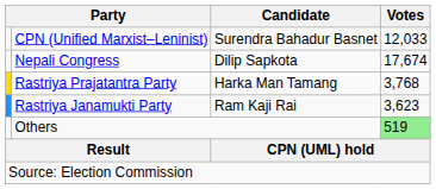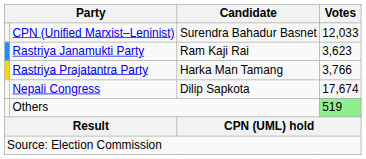 <table class="wikitable">
 <tr>
 <th colspan="2">Party</th>
 <th>Candidate</th>
 <th>Votes</th>
 </tr>
 <tr>
 <td style="background-color:"></td>
 <td><a href='#'>CPN (Unified Marxist–Leninist)</a></td>
 <td>Surendra Bahadur Basnet</td>
 <td>12,033</td>
 </tr>
 <tr>
-<td style="background-color:"></td>
-<td><a href='#'>Nepali Congress</a></td>
-<td>Dilip Sapkota</td>
-<td>17,674</td>
+<td style="background-color:dodgerblue"></td>
+<td><a href='#'>Rastriya Janamukti Party</a></td>
+<td>Ram Kaji Rai</td>
+<td>3,623</td>
 </tr>
 <tr>
 <td style="background-color:gold"></td>
 <td><a href='#'>Rastriya Prajatantra Party</a></td>
 <td>Harka Man Tamang</td>
-<td>3,768</td>
+<td>3,766</td>
 </tr>
 <tr>
-<td style="background-color:dodgerblue"></td>
-<td><a href='#'>Rastriya Janamukti Party</a></td>
-<td>Ram Kaji Rai</td>
-<td>3,623</td>
+<td style="background-color:"></td>
+<td><a href='#'>Nepali Congress</a></td>
+<td>Dilip Sapkota</td>
+<td>17,674</td>
 </tr>
 <tr>
 <td></td>
 <td colspan="2">Others</td>
 <td style="background: lightgreen;">519</td>
 </tr>
 <tr>
 <th colspan="2">Result</th>
 <th colspan="2">CPN (UML) hold</th>
 </tr>
 <tr>
 <td colspan="4">Source: Election Commission</td>
 </tr>
 </table>
